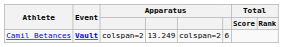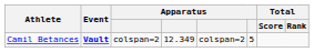 <table class=wikitable style=font-size:90%;text-align:center>
 <tr>
 <th rowspan=2>Athlete</th>
 <th rowspan=2>Event</th>
 <th colspan=4>Apparatus</th>
 <th colspan=2>Total</th>
 </tr>
 <tr style=font-size:95%>
 <th></th>
 <th></th>
 <th></th>
 <th></th>
 <th>Score</th>
 <th>Rank</th>
 </tr>
 <tr>
 <td align=left><a href='#'>Camil Betances</a></td>
 <td align=left><strong><a href='#'>Vault</a></strong></td>
 <td>colspan=2 </td>
-<td>13.249</td>
+<td>12.349</td>
 <td>colspan=2 </td>
-<td>6</td>
+<td>5</td>
 </tr>
 </table>
